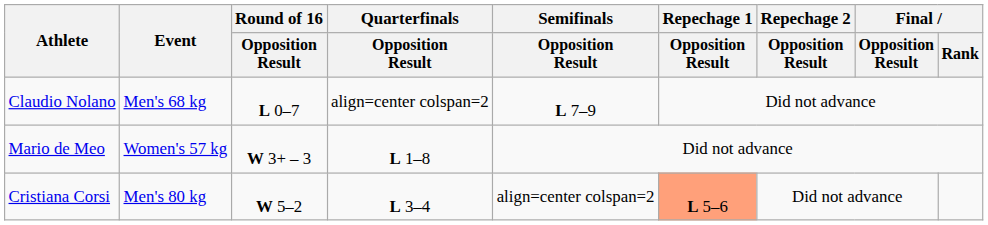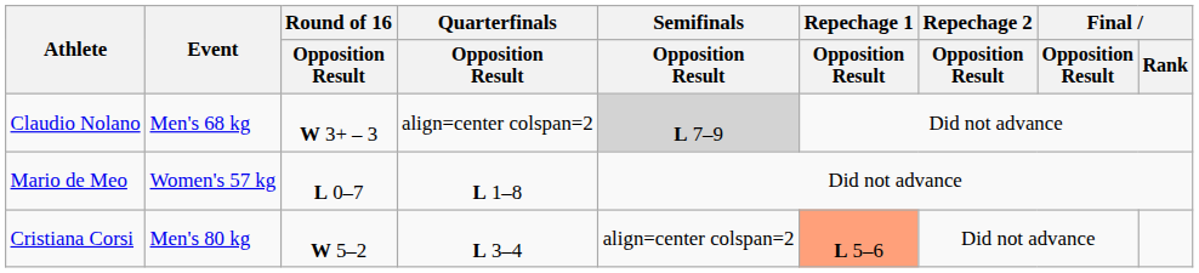 <table class="wikitable" style="font-size:90%;">
 <tr>
 <th rowspan=2>Athlete</th>
 <th rowspan=2>Event</th>
 <th>Round of 16</th>
 <th>Quarterfinals</th>
 <th>Semifinals</th>
 <th>Repechage 1</th>
 <th>Repechage 2</th>
 <th colspan=2>Final / </th>
 </tr>
 <tr style="font-size:95%">
 <th>Opposition<br>Result</th>
 <th>Opposition<br>Result</th>
 <th>Opposition<br>Result</th>
 <th>Opposition<br>Result</th>
 <th>Opposition<br>Result</th>
 <th>Opposition<br>Result</th>
 <th>Rank</th>
 </tr>
 <tr>
 <td align=left><a href='#'>Claudio Nolano</a></td>
 <td align=left><a href='#'>Men's 68 kg</a></td>
-<td align=center><br><strong>L</strong> 0–7</td>
+<td align=center><br><strong>W</strong> 3+ – 3</td>
 <td>align=center colspan=2 </td>
-<td align=center><br><strong>L</strong> 7–9</td>
+<td align=center style="background: lightgrey;"><br><strong>L</strong> 7–9</td>
 <td align=center colspan=4>Did not advance</td>
 </tr>
 <tr>
 <td align=left><a href='#'>Mario de Meo</a></td>
 <td align=left><a href='#'>Women's 57 kg</a></td>
-<td align=center><br><strong>W</strong> 3+ – 3</td>
+<td align=center><br><strong>L</strong> 0–7</td>
 <td align=center><br><strong>L</strong> 1–8</td>
 <td align=center colspan=5>Did not advance</td>
 </tr>
 <tr>
 <td align=left><a href='#'>Cristiana Corsi</a></td>
 <td align=left><a href='#'>Men's 80 kg</a></td>
 <td align=center><br><strong>W</strong> 5–2</td>
 <td align=center><br><strong>L</strong> 3–4</td>
 <td>align=center colspan=2 </td>
 <td align=center style="background: lightsalmon;"><br><strong>L</strong> 5–6</td>
 <td align=center colspan=2>Did not advance</td>
 </tr>
 </table>
